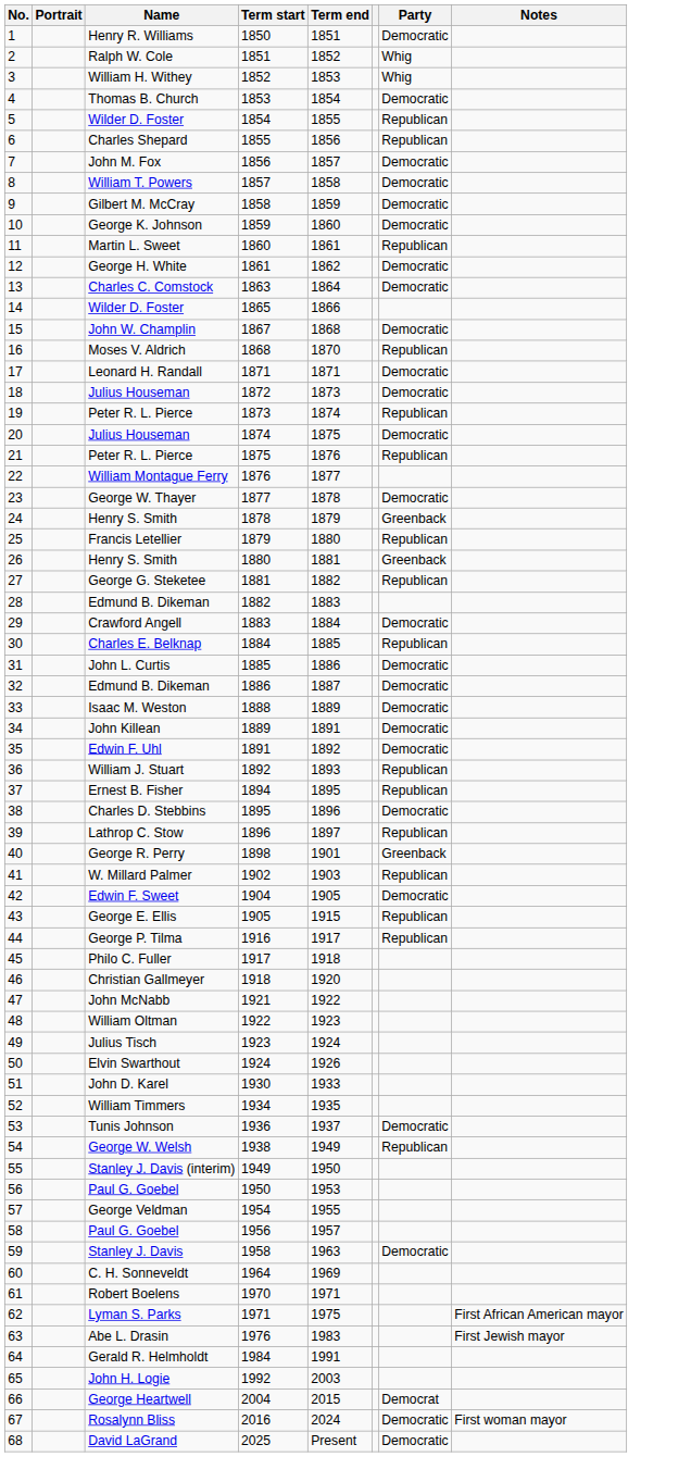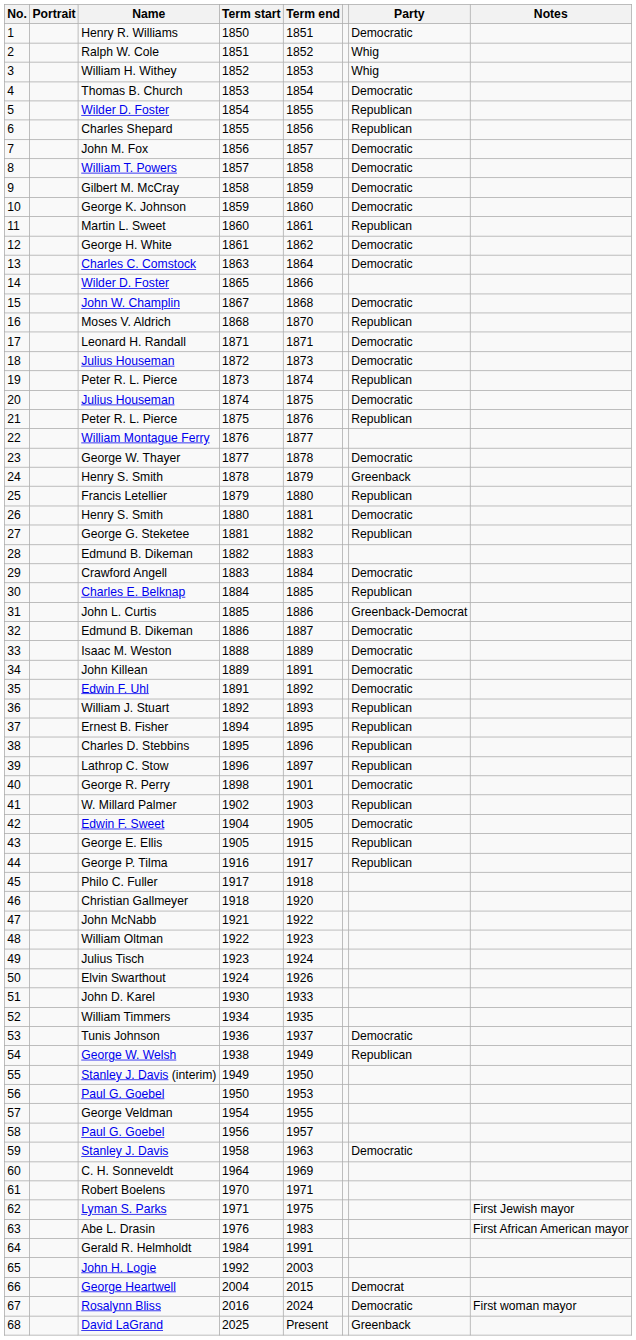 <table class="wikitable sortable">
 <tr>
 <th>No.</th>
 <th>Portrait</th>
 <th>Name</th>
 <th>Term start</th>
 <th>Term end</th>
 <th></th>
 <th>Party</th>
 <th>Notes</th>
 </tr>
 <tr>
 <td>1</td>
 <td></td>
 <td>Henry R. Williams</td>
 <td>1850</td>
 <td>1851</td>
 <td></td>
 <td>Democratic</td>
 <td></td>
 </tr>
 <tr>
 <td>2</td>
 <td></td>
 <td>Ralph W. Cole</td>
 <td>1851</td>
 <td>1852</td>
 <td></td>
 <td>Whig</td>
 <td></td>
 </tr>
 <tr>
 <td>3</td>
 <td></td>
 <td>William H. Withey</td>
 <td>1852</td>
 <td>1853</td>
 <td></td>
 <td>Whig</td>
 <td></td>
 </tr>
 <tr>
 <td>4</td>
 <td></td>
 <td>Thomas B. Church</td>
 <td>1853</td>
 <td>1854</td>
 <td></td>
 <td>Democratic</td>
 <td></td>
 </tr>
 <tr>
 <td>5</td>
 <td></td>
 <td><a href='#'>Wilder D. Foster</a></td>
 <td>1854</td>
 <td>1855</td>
 <td></td>
 <td>Republican</td>
 <td></td>
 </tr>
 <tr>
 <td>6</td>
 <td></td>
 <td>Charles Shepard</td>
 <td>1855</td>
 <td>1856</td>
 <td></td>
 <td>Republican</td>
 <td></td>
 </tr>
 <tr>
 <td>7</td>
 <td></td>
 <td>John M. Fox</td>
 <td>1856</td>
 <td>1857</td>
 <td></td>
 <td>Democratic</td>
 <td></td>
 </tr>
 <tr>
 <td>8</td>
 <td></td>
 <td><a href='#'>William T. Powers</a></td>
 <td>1857</td>
 <td>1858</td>
 <td></td>
 <td>Democratic</td>
 <td></td>
 </tr>
 <tr>
 <td>9</td>
 <td></td>
 <td>Gilbert M. McCray</td>
 <td>1858</td>
 <td>1859</td>
 <td></td>
 <td>Democratic</td>
 <td></td>
 </tr>
 <tr>
 <td>10</td>
 <td></td>
 <td>George K. Johnson</td>
 <td>1859</td>
 <td>1860</td>
 <td></td>
 <td>Democratic</td>
 <td></td>
 </tr>
 <tr>
 <td>11</td>
 <td></td>
 <td>Martin L. Sweet</td>
 <td>1860</td>
 <td>1861</td>
 <td></td>
 <td>Republican</td>
 <td></td>
 </tr>
 <tr>
 <td>12</td>
 <td></td>
 <td>George H. White</td>
 <td>1861</td>
 <td>1862</td>
 <td></td>
 <td>Democratic</td>
 <td></td>
 </tr>
 <tr>
 <td>13</td>
 <td></td>
 <td><a href='#'>Charles C. Comstock</a></td>
 <td>1863</td>
 <td>1864</td>
 <td></td>
 <td>Democratic</td>
 <td></td>
 </tr>
 <tr>
 <td>14</td>
 <td></td>
 <td><a href='#'>Wilder D. Foster</a></td>
 <td>1865</td>
 <td>1866</td>
 <td></td>
 <td></td>
 <td></td>
 </tr>
 <tr>
 <td>15</td>
 <td></td>
 <td><a href='#'>John W. Champlin</a></td>
 <td>1867</td>
 <td>1868</td>
 <td></td>
 <td>Democratic</td>
 <td></td>
 </tr>
 <tr>
 <td>16</td>
 <td></td>
 <td>Moses V. Aldrich</td>
 <td>1868</td>
 <td>1870</td>
 <td></td>
 <td>Republican</td>
 <td></td>
 </tr>
 <tr>
 <td>17</td>
 <td></td>
 <td>Leonard H. Randall</td>
 <td>1871</td>
 <td>1871</td>
 <td></td>
 <td>Democratic</td>
 <td></td>
 </tr>
 <tr>
 <td>18</td>
 <td></td>
 <td><a href='#'>Julius Houseman</a></td>
 <td>1872</td>
 <td>1873</td>
 <td></td>
 <td>Democratic</td>
 <td></td>
 </tr>
 <tr>
 <td>19</td>
 <td></td>
 <td>Peter R. L. Pierce</td>
 <td>1873</td>
 <td>1874</td>
 <td></td>
 <td>Republican</td>
 <td></td>
 </tr>
 <tr>
 <td>20</td>
 <td></td>
 <td><a href='#'>Julius Houseman</a></td>
 <td>1874</td>
 <td>1875</td>
 <td></td>
 <td>Democratic</td>
 <td></td>
 </tr>
 <tr>
 <td>21</td>
 <td></td>
 <td>Peter R. L. Pierce</td>
 <td>1875</td>
 <td>1876</td>
 <td></td>
 <td>Republican</td>
 <td></td>
 </tr>
 <tr>
 <td>22</td>
 <td></td>
 <td><a href='#'>William Montague Ferry</a></td>
 <td>1876</td>
 <td>1877</td>
 <td></td>
 <td></td>
 <td></td>
 </tr>
 <tr>
 <td>23</td>
 <td></td>
 <td>George W. Thayer</td>
 <td>1877</td>
 <td>1878</td>
 <td></td>
 <td>Democratic</td>
 <td></td>
 </tr>
 <tr>
 <td>24</td>
 <td></td>
 <td>Henry S. Smith</td>
 <td>1878</td>
 <td>1879</td>
 <td></td>
 <td>Greenback</td>
 <td></td>
 </tr>
 <tr>
 <td>25</td>
 <td></td>
 <td>Francis Letellier</td>
 <td>1879</td>
 <td>1880</td>
 <td></td>
 <td>Republican</td>
 <td></td>
 </tr>
 <tr>
 <td>26</td>
 <td></td>
 <td>Henry S. Smith</td>
 <td>1880</td>
 <td>1881</td>
 <td></td>
-<td>Greenback</td>
+<td>Democratic</td>
 <td></td>
 </tr>
 <tr>
 <td>27</td>
 <td></td>
 <td>George G. Steketee</td>
 <td>1881</td>
 <td>1882</td>
 <td></td>
 <td>Republican</td>
 <td></td>
 </tr>
 <tr>
 <td>28</td>
 <td></td>
 <td>Edmund B. Dikeman</td>
 <td>1882</td>
 <td>1883</td>
 <td></td>
 <td></td>
 <td></td>
 </tr>
 <tr>
 <td>29</td>
 <td></td>
 <td>Crawford Angell</td>
 <td>1883</td>
 <td>1884</td>
 <td></td>
 <td>Democratic</td>
 <td></td>
 </tr>
 <tr>
 <td>30</td>
 <td></td>
 <td><a href='#'>Charles E. Belknap</a></td>
 <td>1884</td>
 <td>1885</td>
 <td></td>
 <td>Republican</td>
 <td></td>
 </tr>
 <tr>
 <td>31</td>
 <td></td>
 <td>John L. Curtis</td>
 <td>1885</td>
 <td>1886</td>
 <td></td>
-<td>Democratic</td>
+<td>Greenback-Democrat</td>
 <td></td>
 </tr>
 <tr>
 <td>32</td>
 <td></td>
 <td>Edmund B. Dikeman</td>
 <td>1886</td>
 <td>1887</td>
 <td></td>
 <td>Democratic</td>
 <td></td>
 </tr>
 <tr>
 <td>33</td>
 <td></td>
 <td>Isaac M. Weston</td>
 <td>1888</td>
 <td>1889</td>
 <td></td>
 <td>Democratic</td>
 <td></td>
 </tr>
 <tr>
 <td>34</td>
 <td></td>
 <td>John Killean</td>
 <td>1889</td>
 <td>1891</td>
 <td></td>
 <td>Democratic</td>
 <td></td>
 </tr>
 <tr>
 <td>35</td>
 <td></td>
 <td><a href='#'>Edwin F. Uhl</a></td>
 <td>1891</td>
 <td>1892</td>
 <td></td>
 <td>Democratic</td>
 <td></td>
 </tr>
 <tr>
 <td>36</td>
 <td></td>
 <td>William J. Stuart</td>
 <td>1892</td>
 <td>1893</td>
 <td></td>
 <td>Republican</td>
 <td></td>
 </tr>
 <tr>
 <td>37</td>
 <td></td>
 <td>Ernest B. Fisher</td>
 <td>1894</td>
 <td>1895</td>
 <td></td>
 <td>Republican</td>
 <td></td>
 </tr>
 <tr>
 <td>38</td>
 <td></td>
 <td>Charles D. Stebbins</td>
 <td>1895</td>
 <td>1896</td>
 <td></td>
-<td>Democratic</td>
+<td>Republican</td>
 <td></td>
 </tr>
 <tr>
 <td>39</td>
 <td></td>
 <td>Lathrop C. Stow</td>
 <td>1896</td>
 <td>1897</td>
 <td></td>
 <td>Republican</td>
 <td></td>
 </tr>
 <tr>
 <td>40</td>
 <td></td>
 <td>George R. Perry</td>
 <td>1898</td>
 <td>1901</td>
 <td></td>
-<td>Greenback</td>
+<td>Democratic</td>
 <td></td>
 </tr>
 <tr>
 <td>41</td>
 <td></td>
 <td>W. Millard Palmer</td>
 <td>1902</td>
 <td>1903</td>
 <td></td>
 <td>Republican</td>
 <td></td>
 </tr>
 <tr>
 <td>42</td>
 <td></td>
 <td><a href='#'>Edwin F. Sweet</a></td>
 <td>1904</td>
 <td>1905</td>
 <td></td>
 <td>Democratic</td>
 <td></td>
 </tr>
 <tr>
 <td>43</td>
 <td></td>
 <td>George E. Ellis</td>
 <td>1905</td>
 <td>1915</td>
 <td></td>
 <td>Republican</td>
 <td></td>
 </tr>
 <tr>
 <td>44</td>
 <td></td>
 <td>George P. Tilma</td>
 <td>1916</td>
 <td>1917</td>
 <td></td>
 <td>Republican</td>
 <td></td>
 </tr>
 <tr>
 <td>45</td>
 <td></td>
 <td>Philo C. Fuller</td>
 <td>1917</td>
 <td>1918</td>
 <td></td>
 <td></td>
 <td></td>
 </tr>
 <tr>
 <td>46</td>
 <td></td>
 <td>Christian Gallmeyer</td>
 <td>1918</td>
 <td>1920</td>
 <td></td>
 <td></td>
 <td></td>
 </tr>
 <tr>
 <td>47</td>
 <td></td>
 <td>John McNabb</td>
 <td>1921</td>
 <td>1922</td>
 <td></td>
 <td></td>
 <td></td>
 </tr>
 <tr>
 <td>48</td>
 <td></td>
 <td>William Oltman</td>
 <td>1922</td>
 <td>1923</td>
 <td></td>
 <td></td>
 <td></td>
 </tr>
 <tr>
 <td>49</td>
 <td></td>
 <td>Julius Tisch</td>
 <td>1923</td>
 <td>1924</td>
 <td></td>
 <td></td>
 <td></td>
 </tr>
 <tr>
 <td>50</td>
 <td></td>
 <td>Elvin Swarthout</td>
 <td>1924</td>
 <td>1926</td>
 <td></td>
 <td></td>
 <td></td>
 </tr>
 <tr>
 <td>51</td>
 <td></td>
 <td>John D. Karel</td>
 <td>1930</td>
 <td>1933</td>
 <td></td>
 <td></td>
 <td></td>
 </tr>
 <tr>
 <td>52</td>
 <td></td>
 <td>William Timmers</td>
 <td>1934</td>
 <td>1935</td>
 <td></td>
 <td></td>
 <td></td>
 </tr>
 <tr>
 <td>53</td>
 <td></td>
 <td>Tunis Johnson</td>
 <td>1936</td>
 <td>1937</td>
 <td></td>
 <td>Democratic</td>
 <td></td>
 </tr>
 <tr>
 <td>54</td>
 <td></td>
 <td><a href='#'>George W. Welsh</a></td>
 <td>1938</td>
 <td>1949</td>
 <td></td>
 <td>Republican</td>
 <td></td>
 </tr>
 <tr>
 <td>55</td>
 <td></td>
 <td><a href='#'>Stanley J. Davis</a> (interim)</td>
 <td>1949</td>
 <td>1950</td>
 <td></td>
 <td></td>
 <td></td>
 </tr>
 <tr>
 <td>56</td>
 <td></td>
 <td><a href='#'>Paul G. Goebel</a></td>
 <td>1950</td>
 <td>1953</td>
 <td></td>
 <td></td>
 <td></td>
 </tr>
 <tr>
 <td>57</td>
 <td></td>
 <td>George Veldman</td>
 <td>1954</td>
 <td>1955</td>
 <td></td>
 <td></td>
 <td></td>
 </tr>
 <tr>
 <td>58</td>
 <td></td>
 <td><a href='#'>Paul G. Goebel</a></td>
 <td>1956</td>
 <td>1957</td>
 <td></td>
 <td></td>
 <td></td>
 </tr>
 <tr>
 <td>59</td>
 <td></td>
 <td><a href='#'>Stanley J. Davis</a></td>
 <td>1958</td>
 <td>1963</td>
 <td></td>
 <td>Democratic</td>
 <td></td>
 </tr>
 <tr>
 <td>60</td>
 <td></td>
 <td>C. H. Sonneveldt</td>
 <td>1964</td>
 <td>1969</td>
 <td></td>
 <td></td>
 <td></td>
 </tr>
 <tr>
 <td>61</td>
 <td></td>
 <td>Robert Boelens</td>
 <td>1970</td>
 <td>1971</td>
 <td></td>
 <td></td>
 <td></td>
 </tr>
 <tr>
 <td>62</td>
 <td></td>
 <td><a href='#'>Lyman S. Parks</a></td>
 <td>1971</td>
 <td>1975</td>
 <td></td>
 <td></td>
-<td>First African American mayor</td>
+<td>First Jewish mayor</td>
 </tr>
 <tr>
 <td>63</td>
 <td></td>
 <td>Abe L. Drasin</td>
 <td>1976</td>
 <td>1983</td>
 <td></td>
 <td></td>
-<td>First Jewish mayor</td>
+<td>First African American mayor</td>
 </tr>
 <tr>
 <td>64</td>
 <td></td>
 <td>Gerald R. Helmholdt</td>
 <td>1984</td>
 <td>1991</td>
 <td></td>
 <td></td>
 <td></td>
 </tr>
 <tr>
 <td>65</td>
 <td></td>
 <td><a href='#'>John H. Logie</a></td>
 <td>1992</td>
 <td>2003</td>
 <td></td>
 <td></td>
 <td></td>
 </tr>
 <tr>
 <td>66</td>
 <td></td>
 <td><a href='#'>George Heartwell</a></td>
 <td>2004</td>
 <td>2015</td>
 <td></td>
 <td>Democrat</td>
 <td></td>
 </tr>
 <tr>
 <td>67</td>
 <td></td>
 <td><a href='#'>Rosalynn Bliss</a></td>
 <td>2016</td>
 <td>2024</td>
 <td></td>
 <td>Democratic</td>
 <td>First woman mayor</td>
 </tr>
 <tr>
 <td>68</td>
 <td></td>
 <td><a href='#'>David LaGrand</a></td>
 <td>2025</td>
 <td>Present</td>
 <td></td>
-<td>Democratic</td>
+<td>Greenback</td>
 <td></td>
 </tr>
 </table>
